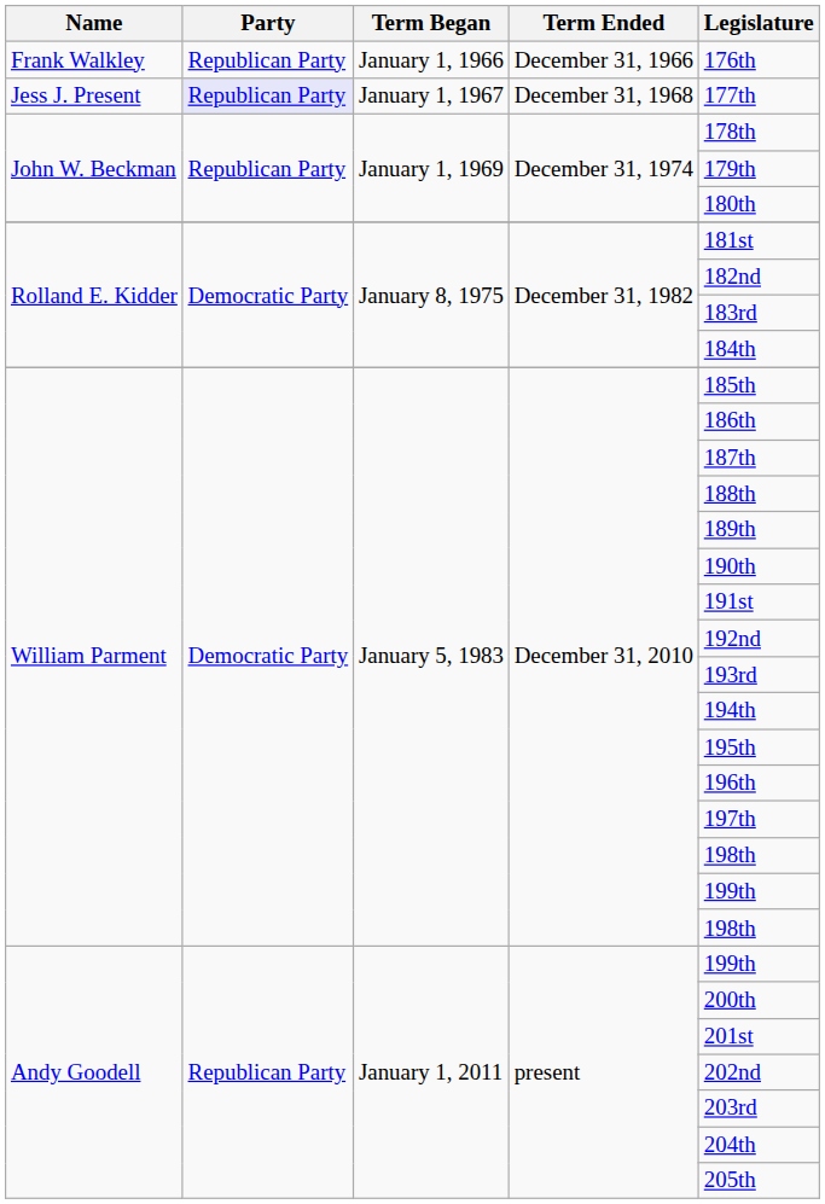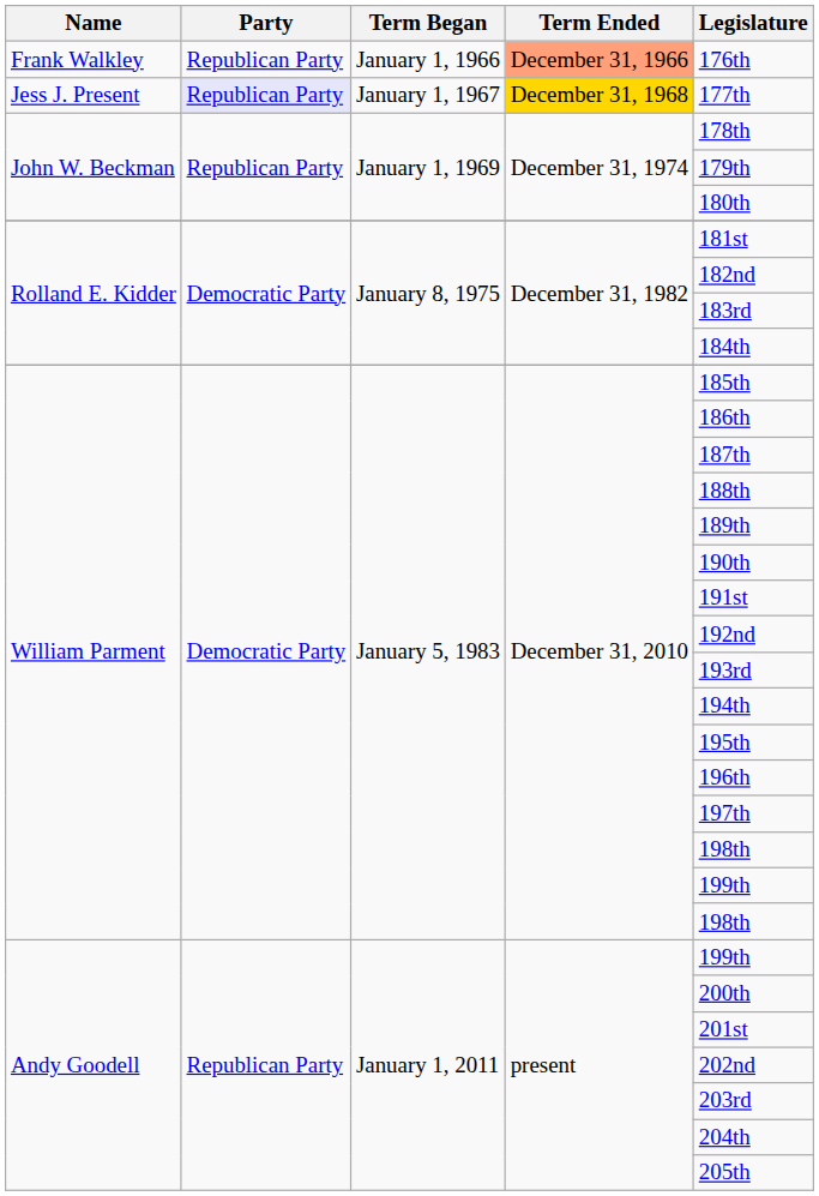 <table class="wikitable" border="1">
 <tr>
 <th>Name</th>
 <th>Party</th>
 <th>Term Began</th>
 <th>Term Ended</th>
 <th>Legislature</th>
 </tr>
 <tr>
 <td rowspan="1"><a href='#'>Frank Walkley</a></td>
 <td rowspan="1"><a href='#'>Republican Party</a></td>
 <td rowspan="1">January 1, 1966</td>
-<td rowspan="1">December 31, 1966</td>
+<td rowspan="1" style="background: lightsalmon;">December 31, 1966</td>
 <td><a href='#'>176th</a></td>
 </tr>
 <tr>
 <td rowspan="1"><a href='#'>Jess J. Present</a></td>
 <td rowspan="1" style="background: lavender;"><a href='#'>Republican Party</a></td>
 <td rowspan="1">January 1, 1967</td>
-<td rowspan="1">December 31, 1968</td>
+<td rowspan="1" style="background: gold;">December 31, 1968</td>
 <td><a href='#'>177th</a></td>
 </tr>
 <tr>
 <td rowspan="3"><a href='#'>John W. Beckman</a></td>
 <td rowspan="3"><a href='#'>Republican Party</a></td>
 <td rowspan="3">January 1, 1969</td>
 <td rowspan="3">December 31, 1974</td>
 <td><a href='#'>178th</a></td>
 </tr>
 <tr>
 <td><a href='#'>179th</a></td>
 </tr>
 <tr>
 <td><a href='#'>180th</a></td>
 </tr>
 <tr>
 </tr>
 <tr>
 <td rowspan="4"><a href='#'>Rolland E. Kidder</a></td>
 <td rowspan="4"><a href='#'>Democratic Party</a></td>
 <td rowspan="4">January 8, 1975</td>
 <td rowspan="4">December 31, 1982</td>
 <td><a href='#'>181st</a></td>
 </tr>
 <tr>
 <td><a href='#'>182nd</a></td>
 </tr>
 <tr>
 <td><a href='#'>183rd</a></td>
 </tr>
 <tr>
 <td><a href='#'>184th</a></td>
 </tr>
 <tr>
 </tr>
 <tr>
 <td rowspan="16"><a href='#'>William Parment</a></td>
 <td rowspan="16"><a href='#'>Democratic Party</a></td>
 <td rowspan="16">January 5, 1983</td>
 <td rowspan="16">December 31, 2010</td>
 <td><a href='#'>185th</a></td>
 </tr>
 <tr>
 <td><a href='#'>186th</a></td>
 </tr>
 <tr>
 <td><a href='#'>187th</a></td>
 </tr>
 <tr>
 <td><a href='#'>188th</a></td>
 </tr>
 <tr>
 <td><a href='#'>189th</a></td>
 </tr>
 <tr>
 <td><a href='#'>190th</a></td>
 </tr>
 <tr>
 <td><a href='#'>191st</a></td>
 </tr>
 <tr>
 <td><a href='#'>192nd</a></td>
 </tr>
 <tr>
 <td><a href='#'>193rd</a></td>
 </tr>
 <tr>
 <td><a href='#'>194th</a></td>
 </tr>
 <tr>
 <td><a href='#'>195th</a></td>
 </tr>
 <tr>
 <td><a href='#'>196th</a></td>
 </tr>
 <tr>
 <td><a href='#'>197th</a></td>
 </tr>
 <tr>
 <td><a href='#'>198th</a></td>
 </tr>
 <tr>
 <td><a href='#'>199th</a></td>
 </tr>
 <tr>
 <td><a href='#'>198th</a></td>
 </tr>
 <tr>
 <td rowspan="7"><a href='#'>Andy Goodell</a></td>
 <td rowspan="7"><a href='#'>Republican Party</a></td>
 <td rowspan="7">January 1, 2011</td>
 <td rowspan="7">present</td>
 <td><a href='#'>199th</a></td>
 </tr>
 <tr>
 <td><a href='#'>200th</a></td>
 </tr>
 <tr>
 <td><a href='#'>201st</a></td>
 </tr>
 <tr>
 <td><a href='#'>202nd</a></td>
 </tr>
 <tr>
 <td><a href='#'>203rd</a></td>
 </tr>
 <tr>
 <td><a href='#'>204th</a></td>
 </tr>
 <tr>
 <td><a href='#'>205th</a></td>
 </tr>
 </table>
